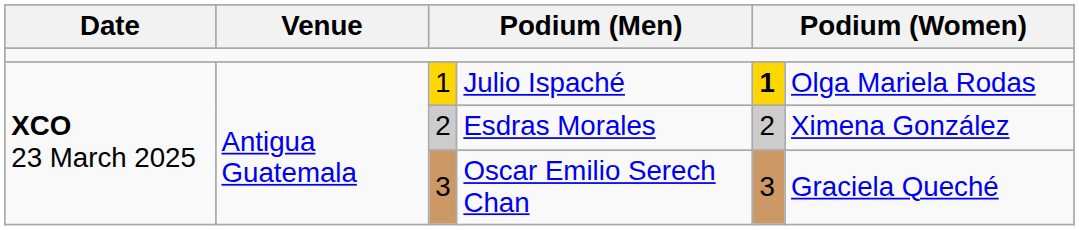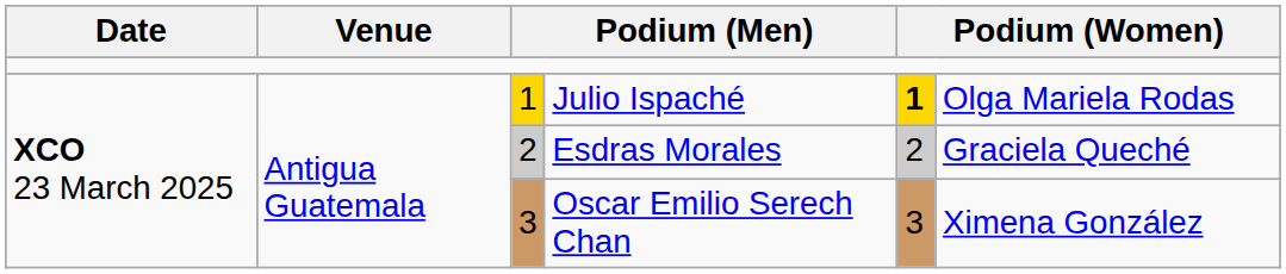 <table class="wikitable" width=70%>
 <tr>
 <th>Date</th>
 <th width=20%>Venue</th>
 <th colspan=2 width=30%>Podium (Men)</th>
 <th colspan=2 width=30%>Podium (Women)</th>
 </tr>
 <tr>
 <td colspan=6></td>
 </tr>
 <tr>
 <td rowspan=3><strong>XCO</strong> <br> 23 March 2025</td>
 <td rowspan=3><br><a href='#'>Antigua Guatemala</a></td>
 <td bgcolor=FFD700>1</td>
 <td><a href='#'>Julio Ispaché</a></td>
 <td bgcolor=FFD700><strong>1</strong></td>
 <td><a href='#'>Olga Mariela Rodas</a></td>
 </tr>
 <tr>
 <td bgcolor=CCCCCC>2</td>
 <td><a href='#'>Esdras Morales</a></td>
 <td bgcolor=CCCCCC>2</td>
-<td><a href='#'>Ximena González</a></td>
+<td><a href='#'>Graciela Queché</a></td>
 </tr>
 <tr>
 <td bgcolor=CC9966>3</td>
 <td><a href='#'>Oscar Emilio Serech Chan</a></td>
 <td bgcolor=CC9966>3</td>
-<td><a href='#'>Graciela Queché</a></td>
+<td><a href='#'>Ximena González</a></td>
 </tr>
 </table>
